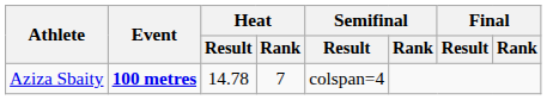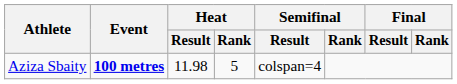 <table class="wikitable" style="font-size:90%">
 <tr>
 <th rowspan="2">Athlete</th>
 <th rowspan="2">Event</th>
 <th colspan="2">Heat</th>
 <th colspan="2">Semifinal</th>
 <th colspan="2">Final</th>
 </tr>
 <tr style="font-size:95%">
 <th>Result</th>
 <th>Rank</th>
 <th>Result</th>
 <th>Rank</th>
 <th>Result</th>
 <th>Rank</th>
 </tr>
 <tr style=text-align:center>
 <td style=text-align:left><a href='#'>Aziza Sbaity</a></td>
 <td style=text-align:left><strong><a href='#'>100 metres</a></strong></td>
-<td>14.78</td>
-<td>7</td>
+<td>11.98</td>
+<td>5</td>
 <td>colspan=4 </td>
 </tr>
 </table>
